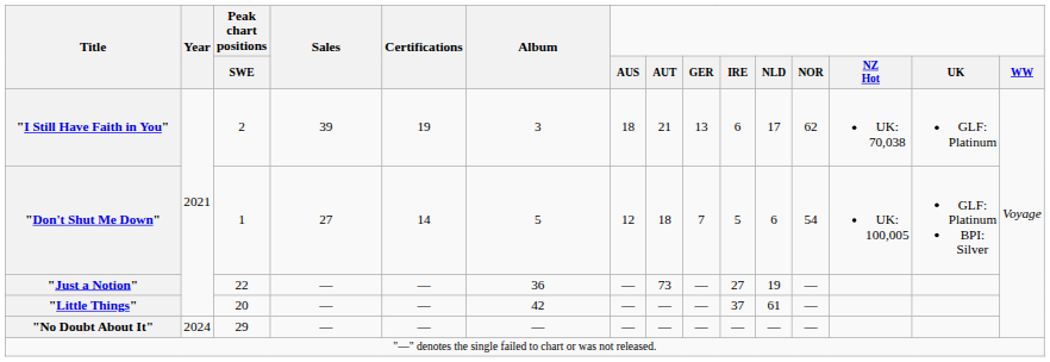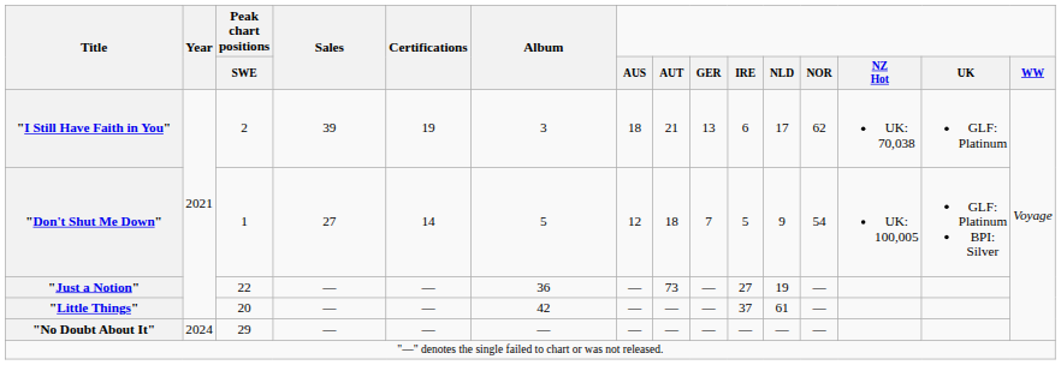 <table class="wikitable plainrowheaders" style="text-align:center;">
 <tr>
 <th scope="col" rowspan="2" style="width:16em;">Title</th>
 <th scope="col" rowspan="2" style="width:2em;">Year</th>
 <th scope="col" colspan="1">Peak chart positions</th>
 <th scope="col" rowspan="2" style="width:10em;">Sales</th>
 <th scope="col" rowspan="2">Certifications</th>
 <th scope="col" rowspan="2" style="width:13em;">Album</th>
 </tr>
 <tr>
 <th style="width:3em;font-size:85%">SWE<br></th>
 <th style="width:3em;font-size:85%">AUS<br></th>
 <th style="width:3em;font-size:85%">AUT<br></th>
 <th style="width:3em;font-size:85%">GER<br></th>
 <th style="width:3em;font-size:85%">IRE<br></th>
 <th style="width:3em;font-size:85%">NLD<br></th>
 <th style="width:3em;font-size:85%">NOR<br></th>
 <th style="width:3em;font-size:85%"><a href='#'>NZ<br>Hot<br></a></th>
 <th style="width:3em;font-size:85%">UK<br></th>
 <th style="width:3em;font-size:85%"><a href='#'>WW</a><br></th>
 </tr>
 <tr>
 <th scope="row">"<a href='#'>I Still Have Faith in You</a>"</th>
 <td rowspan="4">2021</td>
 <td>2</td>
 <td>39</td>
 <td>19</td>
 <td>3</td>
 <td>18</td>
 <td>21</td>
 <td>13</td>
 <td>6</td>
 <td>17</td>
 <td>62</td>
 <td><br><ul><li>UK: 70,038</li></ul></td>
 <td><br><ul><li>GLF: Platinum</li></ul></td>
 <td rowspan="5"><em>Voyage</em></td>
 </tr>
 <tr>
 <th scope="row">"<a href='#'>Don't Shut Me Down</a>"</th>
 <td>1</td>
 <td>27</td>
 <td>14</td>
 <td>5</td>
 <td>12</td>
 <td>18</td>
 <td>7</td>
 <td>5</td>
-<td>6</td>
+<td>9</td>
 <td>54</td>
 <td><br><ul><li>UK: 100,005</li></ul></td>
 <td><br><ul><li>GLF: Platinum</li><li>BPI: Silver</li></ul></td>
 </tr>
 <tr>
 <th scope="row">"<a href='#'>Just a Notion</a>"</th>
 <td>22</td>
 <td>—</td>
 <td>—</td>
 <td>36</td>
 <td>—</td>
 <td>73</td>
 <td>—</td>
 <td>27</td>
 <td>19</td>
 <td>—</td>
 <td></td>
 <td></td>
 </tr>
 <tr>
 <th scope="row">"<a href='#'>Little Things</a>"</th>
 <td>20</td>
 <td>—</td>
 <td>—</td>
 <td>42</td>
 <td>—</td>
 <td>—</td>
 <td>—</td>
 <td>37</td>
 <td>61</td>
 <td>—</td>
 <td></td>
 <td></td>
 </tr>
 <tr>
 <th scope="row">"No Doubt About It"</th>
 <td>2024</td>
 <td>29</td>
 <td>—</td>
 <td>—</td>
 <td>—</td>
 <td>—</td>
 <td>—</td>
 <td>—</td>
 <td>—</td>
 <td>—</td>
 <td>—</td>
 <td></td>
 <td></td>
 </tr>
 <tr>
 <td colspan="20" style="font-size:85%">"—" denotes the single failed to chart or was not released.</td>
 </tr>
 </table>
